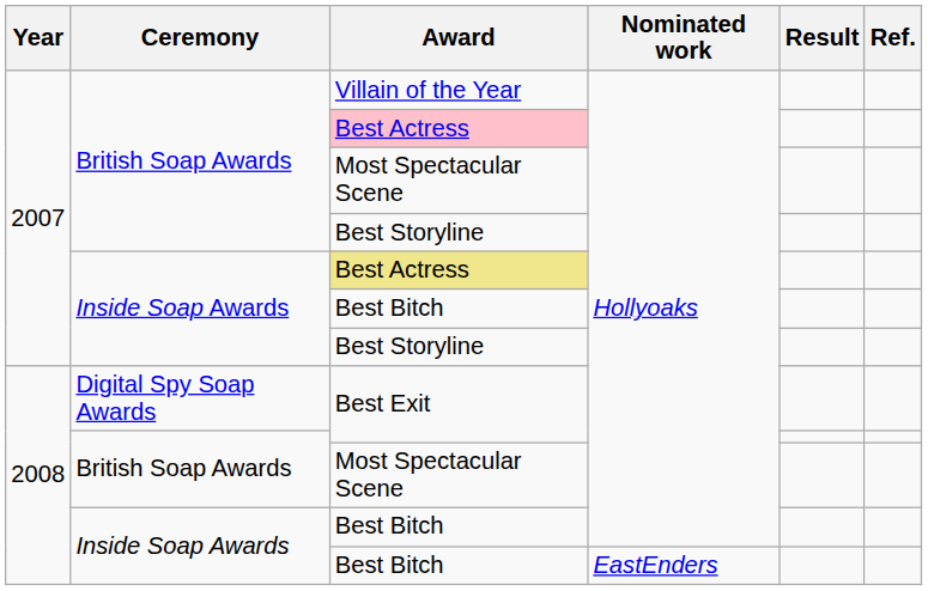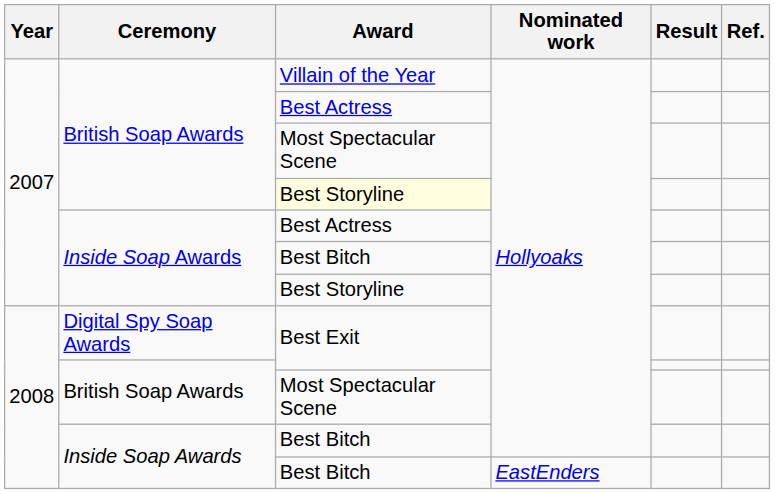 <table class="wikitable">
 <tr>
 <th>Year</th>
 <th>Ceremony</th>
 <th>Award</th>
 <th>Nominated work</th>
 <th>Result</th>
 <th>Ref.</th>
 </tr>
 <tr>
 <td rowspan=7>2007</td>
 <td rowspan=4><a href='#'>British Soap Awards</a></td>
 <td><a href='#'>Villain of the Year</a></td>
 <td rowspan=11><em><a href='#'>Hollyoaks</a></em><br></td>
 <td></td>
 <td style = "text-align: center;"></td>
 </tr>
 <tr>
-<td style="background: pink;"><a href='#'>Best Actress</a></td>
+<td><a href='#'>Best Actress</a></td>
 <td></td>
 <td></td>
 </tr>
 <tr>
 <td>Most Spectacular Scene</td>
 <td></td>
 <td></td>
 </tr>
 <tr>
-<td>Best Storyline</td>
+<td style="background: lightyellow;">Best Storyline</td>
 <td></td>
 <td></td>
 </tr>
 <tr>
 <td rowspan=3><a href='#'><em>Inside Soap</em> Awards</a></td>
-<td style="background: khaki;">Best Actress</td>
+<td>Best Actress</td>
 <td></td>
 <td style = "text-align: center;"></td>
 </tr>
 <tr>
 <td>Best Bitch</td>
 <td></td>
 <td></td>
 </tr>
 <tr>
 <td>Best Storyline</td>
 <td></td>
 <td></td>
 </tr>
 <tr>
 <td rowspan=5>2008</td>
 <td><a href='#'>Digital Spy Soap Awards</a></td>
 <td rowspan=2>Best Exit</td>
 <td></td>
 <td style = "text-align: center;"></td>
 </tr>
 <tr>
 <td rowspan=2>British Soap Awards</td>
 <td></td>
 <td style = "text-align: center;"></td>
 </tr>
 <tr>
 <td>Most Spectacular Scene</td>
 <td></td>
 <td></td>
 </tr>
 <tr>
 <td rowspan=2><em>Inside Soap Awards</em></td>
 <td>Best Bitch</td>
 <td></td>
 <td style = "text-align: center;"></td>
 </tr>
 <tr>
 <td>Best Bitch</td>
 <td><em><a href='#'>EastEnders</a></em><br></td>
 <td></td>
 <td style = "text-align: center;"></td>
 </tr>
 </table>
